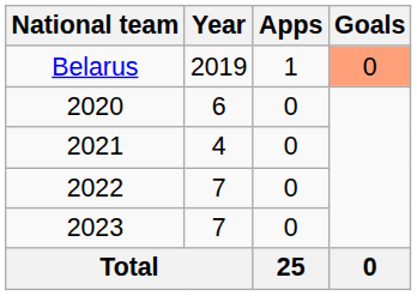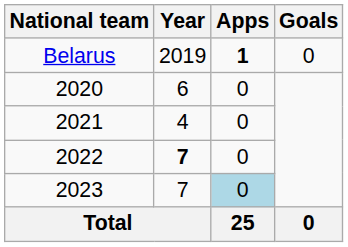 <table class="wikitable" style="text-align:center">
 <tr>
 <th>National team</th>
 <th>Year</th>
 <th>Apps</th>
 <th>Goals</th>
 </tr>
 <tr>
 <td><a href='#'>Belarus</a></td>
 <td>2019</td>
-<td>1</td>
-<td style="background: lightsalmon;">0</td>
+<td><strong>1</strong></td>
+<td>0</td>
 </tr>
 <tr>
 <td>2020</td>
 <td>6</td>
 <td>0</td>
 </tr>
 <tr>
 <td>2021</td>
 <td>4</td>
 <td>0</td>
 </tr>
 <tr>
 <td>2022</td>
-<td>7</td>
+<td><strong>7</strong></td>
 <td>0</td>
 </tr>
 <tr>
 <td>2023</td>
 <td>7</td>
-<td>0</td>
+<td style="background: lightblue;">0</td>
 </tr>
 <tr>
 <th colspan="2">Total</th>
 <th>25</th>
 <th>0</th>
 </tr>
 </table>
